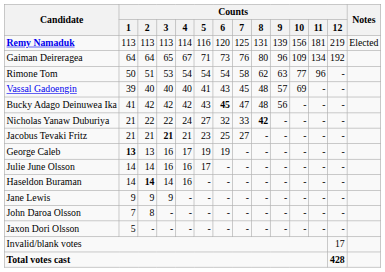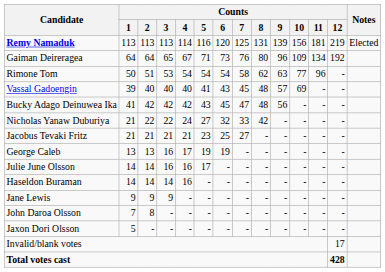 <table class=wikitable style=text-align:right>
 <tr>
 <th rowspan=2>Candidate</th>
 <th colspan=12>Counts</th>
 <th rowspan=2>Notes</th>
 </tr>
 <tr>
 <th>1</th>
 <th>2</th>
 <th>3</th>
 <th>4</th>
 <th>5</th>
 <th>6</th>
 <th>7</th>
 <th>8</th>
 <th>9</th>
 <th>10</th>
 <th>11</th>
 <th>12</th>
 </tr>
 <tr>
 <td align=left><strong><a href='#'>Remy Namaduk</a></strong></td>
 <td>113</td>
 <td>113</td>
 <td>113</td>
 <td>114</td>
 <td>116</td>
 <td>120</td>
 <td>125</td>
 <td>131</td>
 <td>139</td>
 <td>156</td>
 <td>181</td>
 <td>219</td>
 <td align=left>Elected</td>
 </tr>
 <tr>
 <td align=left>Gaiman Deireragea</td>
 <td>64</td>
 <td>64</td>
 <td>65</td>
 <td>67</td>
 <td>71</td>
 <td>73</td>
 <td>76</td>
 <td>80</td>
 <td>96</td>
 <td>109</td>
 <td>134</td>
 <td>192</td>
 <td align=left></td>
 </tr>
 <tr>
 <td align=left>Rimone Tom</td>
 <td>50</td>
 <td>51</td>
 <td>53</td>
 <td>54</td>
 <td>54</td>
 <td>54</td>
 <td>58</td>
 <td>62</td>
 <td>63</td>
 <td>77</td>
 <td>96</td>
 <td>-</td>
 <td align=left></td>
 </tr>
 <tr>
 <td align=left><a href='#'>Vassal Gadoengin</a></td>
 <td>39</td>
 <td>40</td>
 <td>40</td>
 <td>40</td>
 <td>41</td>
 <td>43</td>
 <td>45</td>
 <td>48</td>
 <td>57</td>
 <td>69</td>
 <td>-</td>
 <td>-</td>
 <td align=left></td>
 </tr>
 <tr>
 <td align=left>Bucky Adago Deinuwea Ika</td>
 <td>41</td>
 <td>42</td>
 <td>42</td>
 <td>42</td>
 <td>43</td>
-<td><strong>45</strong></td>
+<td>45</td>
 <td>47</td>
 <td>48</td>
 <td>56</td>
 <td>-</td>
 <td>-</td>
 <td>-</td>
 <td align=left></td>
 </tr>
 <tr>
 <td align=left>Nicholas Yanaw Duburiya</td>
 <td>21</td>
 <td>22</td>
 <td>22</td>
 <td>24</td>
 <td>27</td>
 <td>32</td>
 <td>33</td>
-<td><strong>42</strong></td>
+<td>42</td>
 <td>-</td>
 <td>-</td>
 <td>-</td>
 <td>-</td>
 <td align=left></td>
 </tr>
 <tr>
 <td align=left>Jacobus Tevaki Fritz</td>
 <td>21</td>
 <td>21</td>
-<td><strong>21</strong></td>
+<td>21</td>
 <td>21</td>
 <td>23</td>
 <td>25</td>
 <td>27</td>
 <td>-</td>
 <td>-</td>
 <td>-</td>
 <td>-</td>
 <td>-</td>
 <td align=left></td>
 </tr>
 <tr>
 <td align=left>George Caleb</td>
-<td><strong>13</strong></td>
+<td>13</td>
 <td>13</td>
 <td>16</td>
 <td>17</td>
 <td>19</td>
 <td>19</td>
 <td>-</td>
 <td>-</td>
 <td>-</td>
 <td>-</td>
 <td>-</td>
 <td>-</td>
 <td align=left></td>
 </tr>
 <tr>
 <td align=left>Julie June Olsson</td>
 <td>14</td>
 <td>14</td>
 <td>16</td>
 <td>16</td>
 <td>17</td>
 <td>-</td>
 <td>-</td>
 <td>-</td>
 <td>-</td>
 <td>-</td>
 <td>-</td>
 <td>-</td>
 <td align=left></td>
 </tr>
 <tr>
 <td align=left>Haseldon Buraman</td>
 <td>14</td>
-<td><strong>14</strong></td>
+<td>14</td>
 <td>14</td>
 <td>16</td>
 <td>-</td>
 <td>-</td>
 <td>-</td>
 <td>-</td>
 <td>-</td>
 <td>-</td>
 <td>-</td>
 <td>-</td>
 <td align=left></td>
 </tr>
 <tr>
 <td align=left>Jane Lewis</td>
 <td>9</td>
 <td>9</td>
 <td>9</td>
 <td>-</td>
 <td>-</td>
 <td>-</td>
 <td>-</td>
 <td>-</td>
 <td>-</td>
 <td>-</td>
 <td>-</td>
 <td>-</td>
 <td align=left></td>
 </tr>
 <tr>
 <td align=left>John Daroa Olsson</td>
 <td>7</td>
 <td>8</td>
 <td>-</td>
 <td>-</td>
 <td>-</td>
 <td>-</td>
 <td>-</td>
 <td>-</td>
 <td>-</td>
 <td>-</td>
 <td>-</td>
 <td>-</td>
 <td align=left></td>
 </tr>
 <tr>
 <td align=left>Jaxon Dori Olsson</td>
 <td>5</td>
 <td>-</td>
 <td>-</td>
 <td>-</td>
 <td>-</td>
 <td>-</td>
 <td>-</td>
 <td>-</td>
 <td>-</td>
 <td>-</td>
 <td>-</td>
 <td>-</td>
 <td align=left></td>
 </tr>
 <tr>
 <td align=left colspan=12>Invalid/blank votes</td>
 <td>17</td>
 <td></td>
 </tr>
 <tr>
 <td align=left colspan=12><strong>Total votes cast</strong></td>
 <td><strong>428</strong></td>
 <td></td>
 </tr>
 </table>
